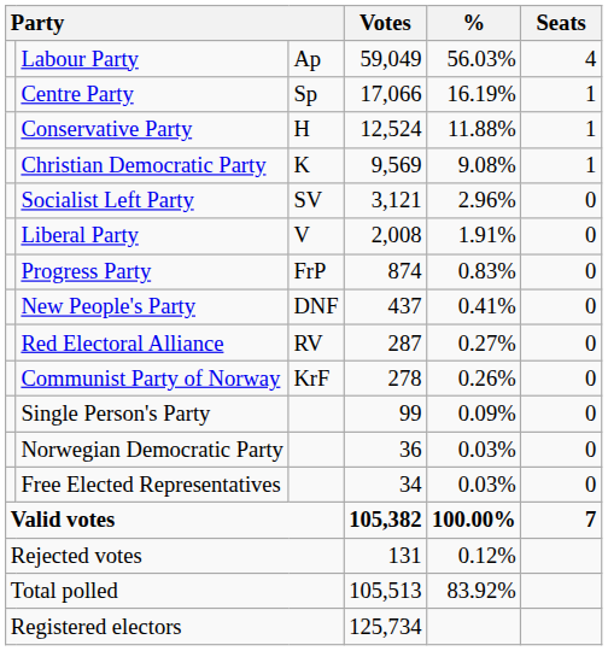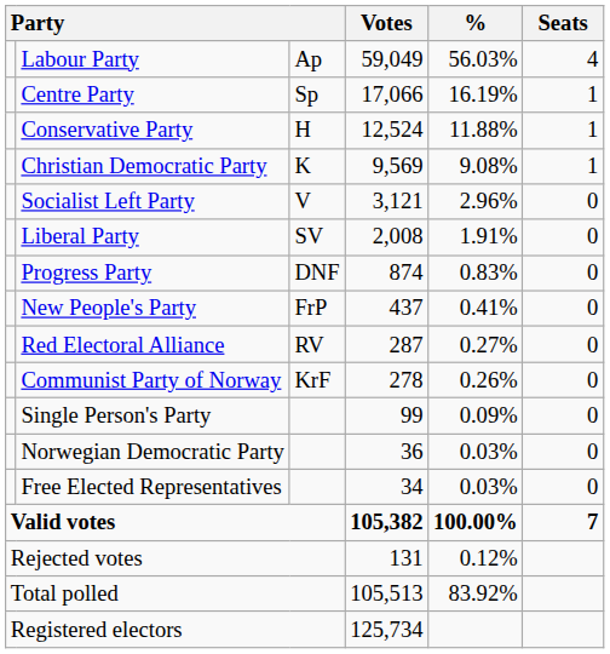 <table class="wikitable" border="1" style="text-align:right;">
 <tr>
 <th style="text-align:left;" colspan=3>Party</th>
 <th align=center width="50">Votes</th>
 <th align=center width="50">%</th>
 <th align=center width="50">Seats</th>
 </tr>
 <tr>
 <td style="color:inherit;background:"></td>
 <td align=left><a href='#'>Labour Party</a></td>
 <td align=left>Ap</td>
 <td>59,049</td>
 <td>56.03%</td>
 <td>4</td>
 </tr>
 <tr>
 <td style="color:inherit;background:"></td>
 <td align=left><a href='#'>Centre Party</a></td>
 <td align=left>Sp</td>
 <td>17,066</td>
 <td>16.19%</td>
 <td>1</td>
 </tr>
 <tr>
 <td style="color:inherit;background:"></td>
 <td align=left><a href='#'>Conservative Party</a></td>
 <td align=left>H</td>
 <td>12,524</td>
 <td>11.88%</td>
 <td>1</td>
 </tr>
 <tr>
 <td style="color:inherit;background:"></td>
 <td align=left><a href='#'>Christian Democratic Party</a></td>
 <td align=left>K</td>
 <td>9,569</td>
 <td>9.08%</td>
 <td>1</td>
 </tr>
 <tr>
 <td style="color:inherit;background:"></td>
 <td align=left><a href='#'>Socialist Left Party</a></td>
-<td align=left>SV</td>
+<td align=left>V</td>
 <td>3,121</td>
 <td>2.96%</td>
 <td>0</td>
 </tr>
 <tr>
 <td style="color:inherit;background:"></td>
 <td align=left><a href='#'>Liberal Party</a></td>
-<td align=left>V</td>
+<td align=left>SV</td>
 <td>2,008</td>
 <td>1.91%</td>
 <td>0</td>
 </tr>
 <tr>
 <td style="color:inherit;background:"></td>
 <td align=left><a href='#'>Progress Party</a></td>
-<td align=left>FrP</td>
+<td align=left>DNF</td>
 <td>874</td>
 <td>0.83%</td>
 <td>0</td>
 </tr>
 <tr>
 <td style="color:inherit;background:"></td>
 <td align=left><a href='#'>New People's Party</a></td>
-<td align=left>DNF</td>
+<td align=left>FrP</td>
 <td>437</td>
 <td>0.41%</td>
 <td>0</td>
 </tr>
 <tr>
 <td style="color:inherit;background:"></td>
 <td align=left><a href='#'>Red Electoral Alliance</a></td>
 <td align=left>RV</td>
 <td>287</td>
 <td>0.27%</td>
 <td>0</td>
 </tr>
 <tr>
 <td style="color:inherit;background:"></td>
 <td align=left><a href='#'>Communist Party of Norway</a></td>
 <td align=left>KrF</td>
 <td>278</td>
 <td>0.26%</td>
 <td>0</td>
 </tr>
 <tr>
 <td></td>
 <td align=left>Single Person's Party</td>
 <td align=left></td>
 <td>99</td>
 <td>0.09%</td>
 <td>0</td>
 </tr>
 <tr>
 <td></td>
 <td align=left>Norwegian Democratic Party</td>
 <td align=left></td>
 <td>36</td>
 <td>0.03%</td>
 <td>0</td>
 </tr>
 <tr>
 <td></td>
 <td align=left>Free Elected Representatives</td>
 <td align=left></td>
 <td>34</td>
 <td>0.03%</td>
 <td>0</td>
 </tr>
 <tr style="font-weight:bold">
 <td align=left colspan=3>Valid votes</td>
 <td>105,382</td>
 <td>100.00%</td>
 <td>7</td>
 </tr>
 <tr>
 <td align=left colspan=3>Rejected votes</td>
 <td>131</td>
 <td>0.12%</td>
 <td></td>
 </tr>
 <tr>
 <td align=left colspan=3>Total polled</td>
 <td>105,513</td>
 <td>83.92%</td>
 <td></td>
 </tr>
 <tr>
 <td align=left colspan=3>Registered electors</td>
 <td>125,734</td>
 <td></td>
 <td></td>
 </tr>
 </table>
